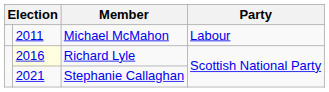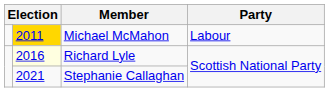 <table class="wikitable">
 <tr>
 <th colspan="2">Election</th>
 <th>Member</th>
 <th>Party</th>
 </tr>
 <tr>
 <td style="background-color: "></td>
-<td><a href='#'>2011</a></td>
+<td style="background: gold;"><a href='#'>2011</a></td>
 <td><a href='#'>Michael McMahon</a></td>
 <td><a href='#'>Labour</a></td>
 </tr>
 <tr>
 <td rowspan=2 style="background-color: "></td>
 <td style="background: lightyellow;"><a href='#'>2016</a></td>
 <td><a href='#'>Richard Lyle</a></td>
 <td rowspan=2><a href='#'>Scottish National Party</a></td>
 </tr>
 <tr>
 <td><a href='#'>2021</a></td>
 <td><a href='#'>Stephanie Callaghan</a></td>
 </tr>
 </table>
